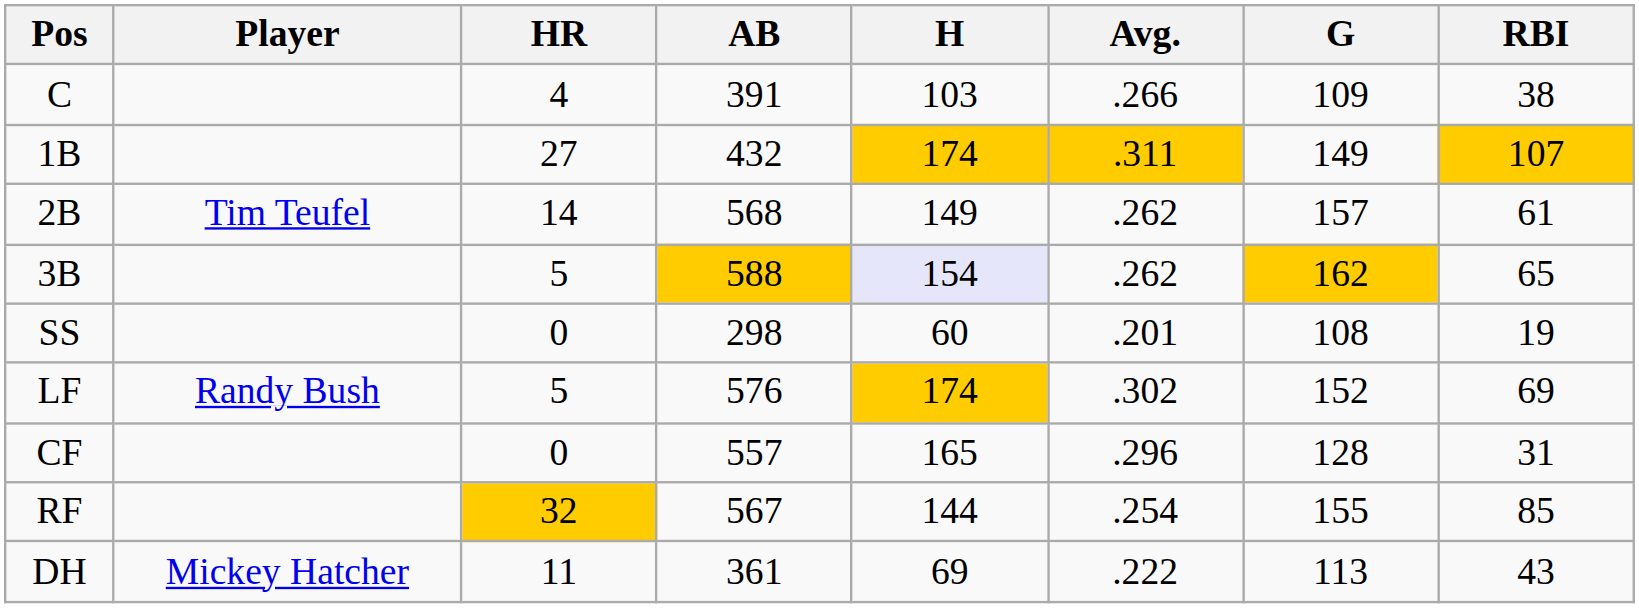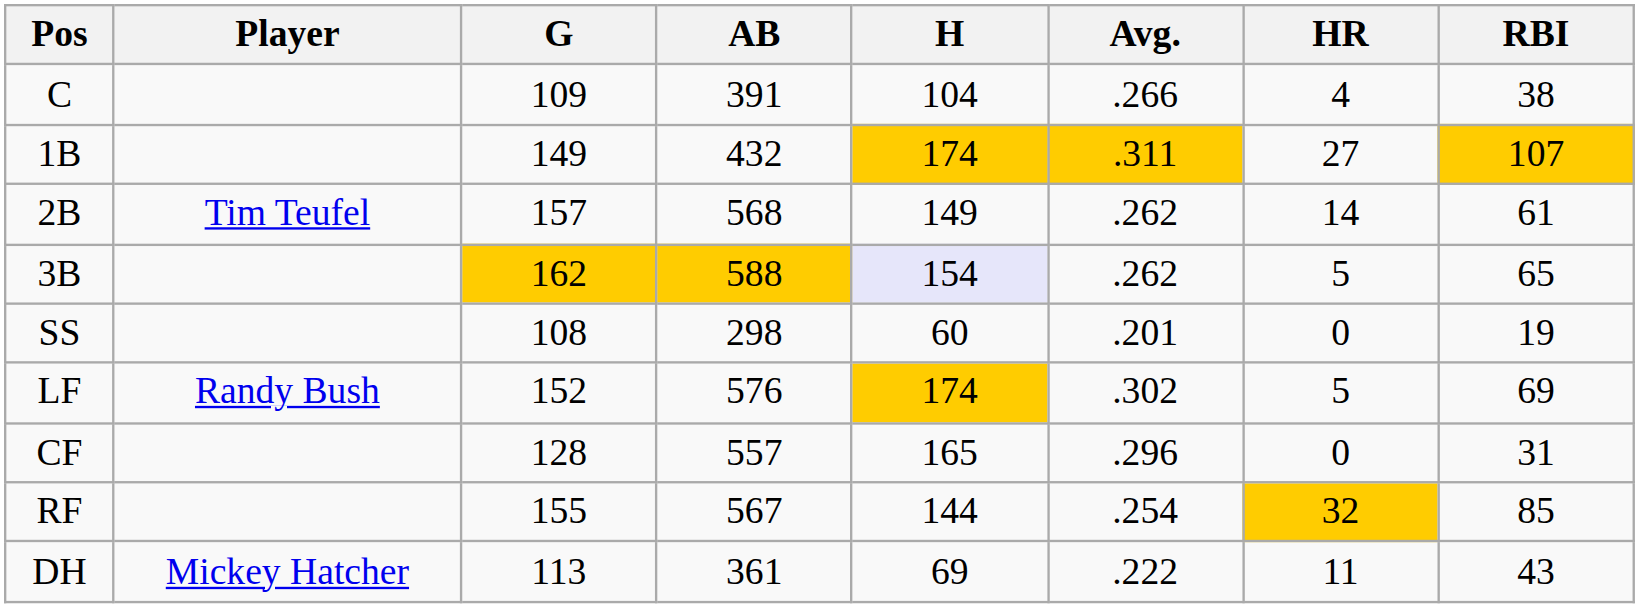 <table class="wikitable sortable">
 <tr>
 <th bgcolor="#DDDDFF" width="5%">Pos</th>
 <th bgcolor="#DDDDFF" width="16%">Player</th>
-<th bgcolor="#DDDDFF" width="9%">HR</th>
+<th bgcolor="#DDDDFF" width="9%">G</th>
 <th bgcolor="#DDDDFF" width="9%">AB</th>
 <th bgcolor="#DDDDFF" width="9%">H</th>
 <th bgcolor="#DDDDFF" width="9%">Avg.</th>
-<th bgcolor="#DDDDFF" width="9%">G</th>
+<th bgcolor="#DDDDFF" width="9%">HR</th>
 <th bgcolor="#DDDDFF" width="9%">RBI</th>
 </tr>
 <tr align="center">
 <td>C</td>
 <td></td>
+<td>109</td>
+<td>391</td>
+<td>104</td>
+<td>.266</td>
 <td>4</td>
-<td>391</td>
-<td>103</td>
-<td>.266</td>
-<td>109</td>
 <td>38</td>
 </tr>
 <tr align="center">
 <td>1B</td>
 <td></td>
-<td>27</td>
+<td>149</td>
 <td>432</td>
 <td bgcolor="#FFCC00">174</td>
 <td bgcolor="#FFCC00">.311</td>
-<td>149</td>
+<td>27</td>
 <td bgcolor="#FFCC00">107</td>
 </tr>
 <tr align="center">
 <td>2B</td>
 <td><a href='#'>Tim Teufel</a></td>
-<td>14</td>
+<td>157</td>
 <td>568</td>
 <td>149</td>
 <td>.262</td>
-<td>157</td>
+<td>14</td>
 <td>61</td>
 </tr>
 <tr align=center>
 <td>3B</td>
 <td></td>
-<td>5</td>
+<td bgcolor="#FFCC00">162</td>
 <td bgcolor="#FFCC00">588</td>
 <td style="background: lavender;">154</td>
 <td>.262</td>
-<td bgcolor="#FFCC00">162</td>
+<td>5</td>
 <td>65</td>
 </tr>
 <tr align="center">
 <td>SS</td>
 <td></td>
-<td>0</td>
+<td>108</td>
 <td>298</td>
 <td>60</td>
 <td>.201</td>
-<td>108</td>
+<td>0</td>
 <td>19</td>
 </tr>
 <tr align="center">
 <td>LF</td>
 <td><a href='#'>Randy Bush</a></td>
-<td>5</td>
+<td>152</td>
 <td>576</td>
 <td bgcolor="#FFCC00">174</td>
 <td>.302</td>
-<td>152</td>
+<td>5</td>
 <td>69</td>
 </tr>
 <tr align=center>
 <td>CF</td>
 <td></td>
-<td>0</td>
+<td>128</td>
 <td>557</td>
 <td>165</td>
 <td>.296</td>
-<td>128</td>
+<td>0</td>
 <td>31</td>
 </tr>
 <tr align="center">
 <td>RF</td>
 <td></td>
-<td bgcolor="#FFCC00">32</td>
+<td>155</td>
 <td>567</td>
 <td>144</td>
 <td>.254</td>
-<td>155</td>
+<td bgcolor="#FFCC00">32</td>
 <td>85</td>
 </tr>
 <tr align="center">
 <td>DH</td>
 <td><a href='#'>Mickey Hatcher</a></td>
-<td>11</td>
+<td>113</td>
 <td>361</td>
 <td>69</td>
 <td>.222</td>
-<td>113</td>
+<td>11</td>
 <td>43</td>
 </tr>
 </table>
